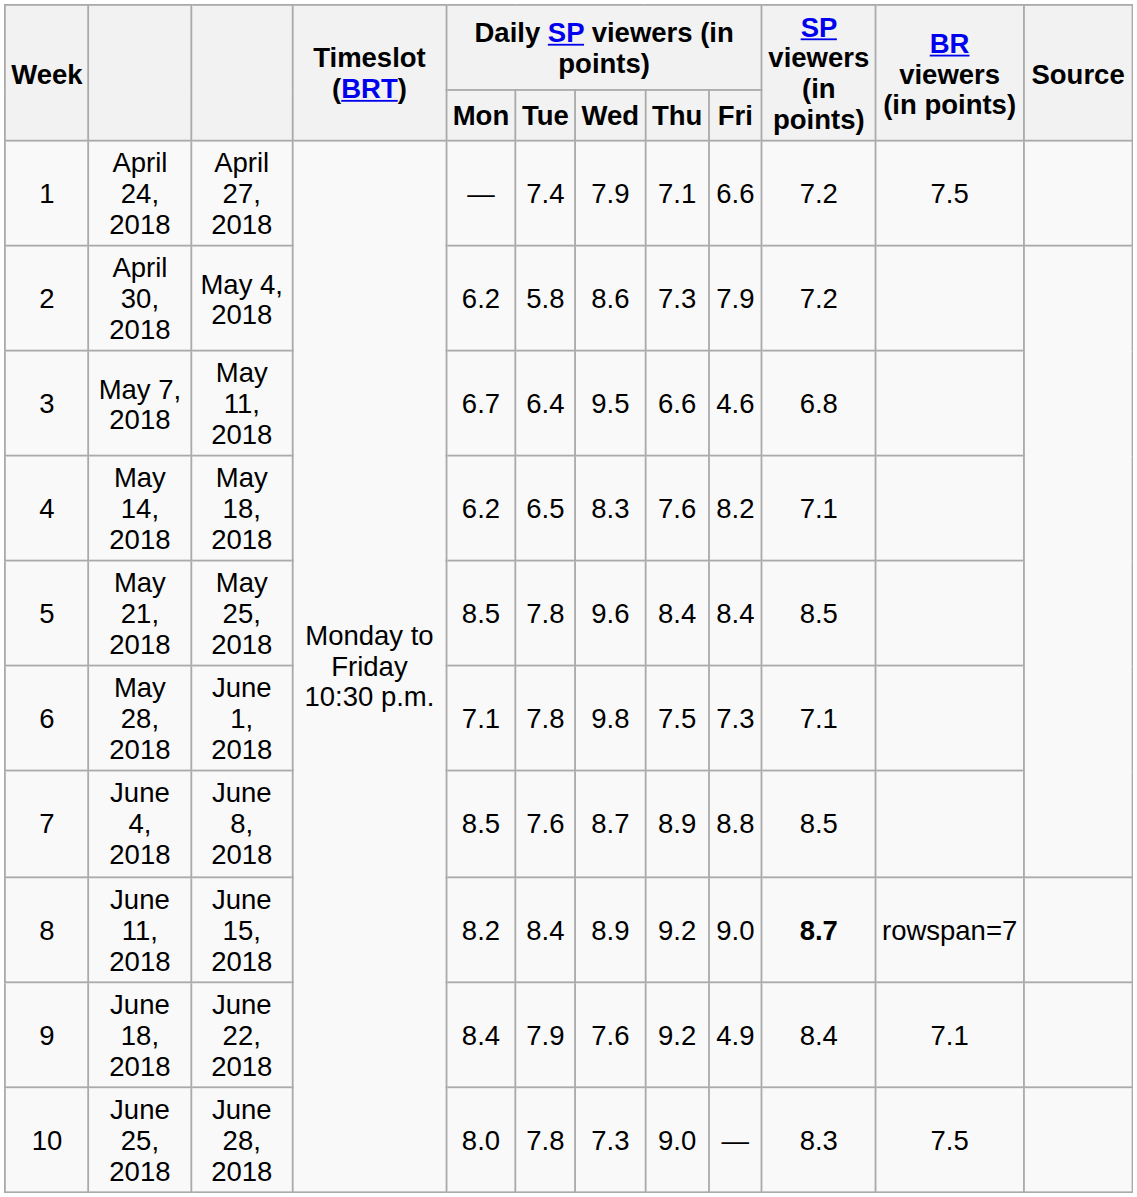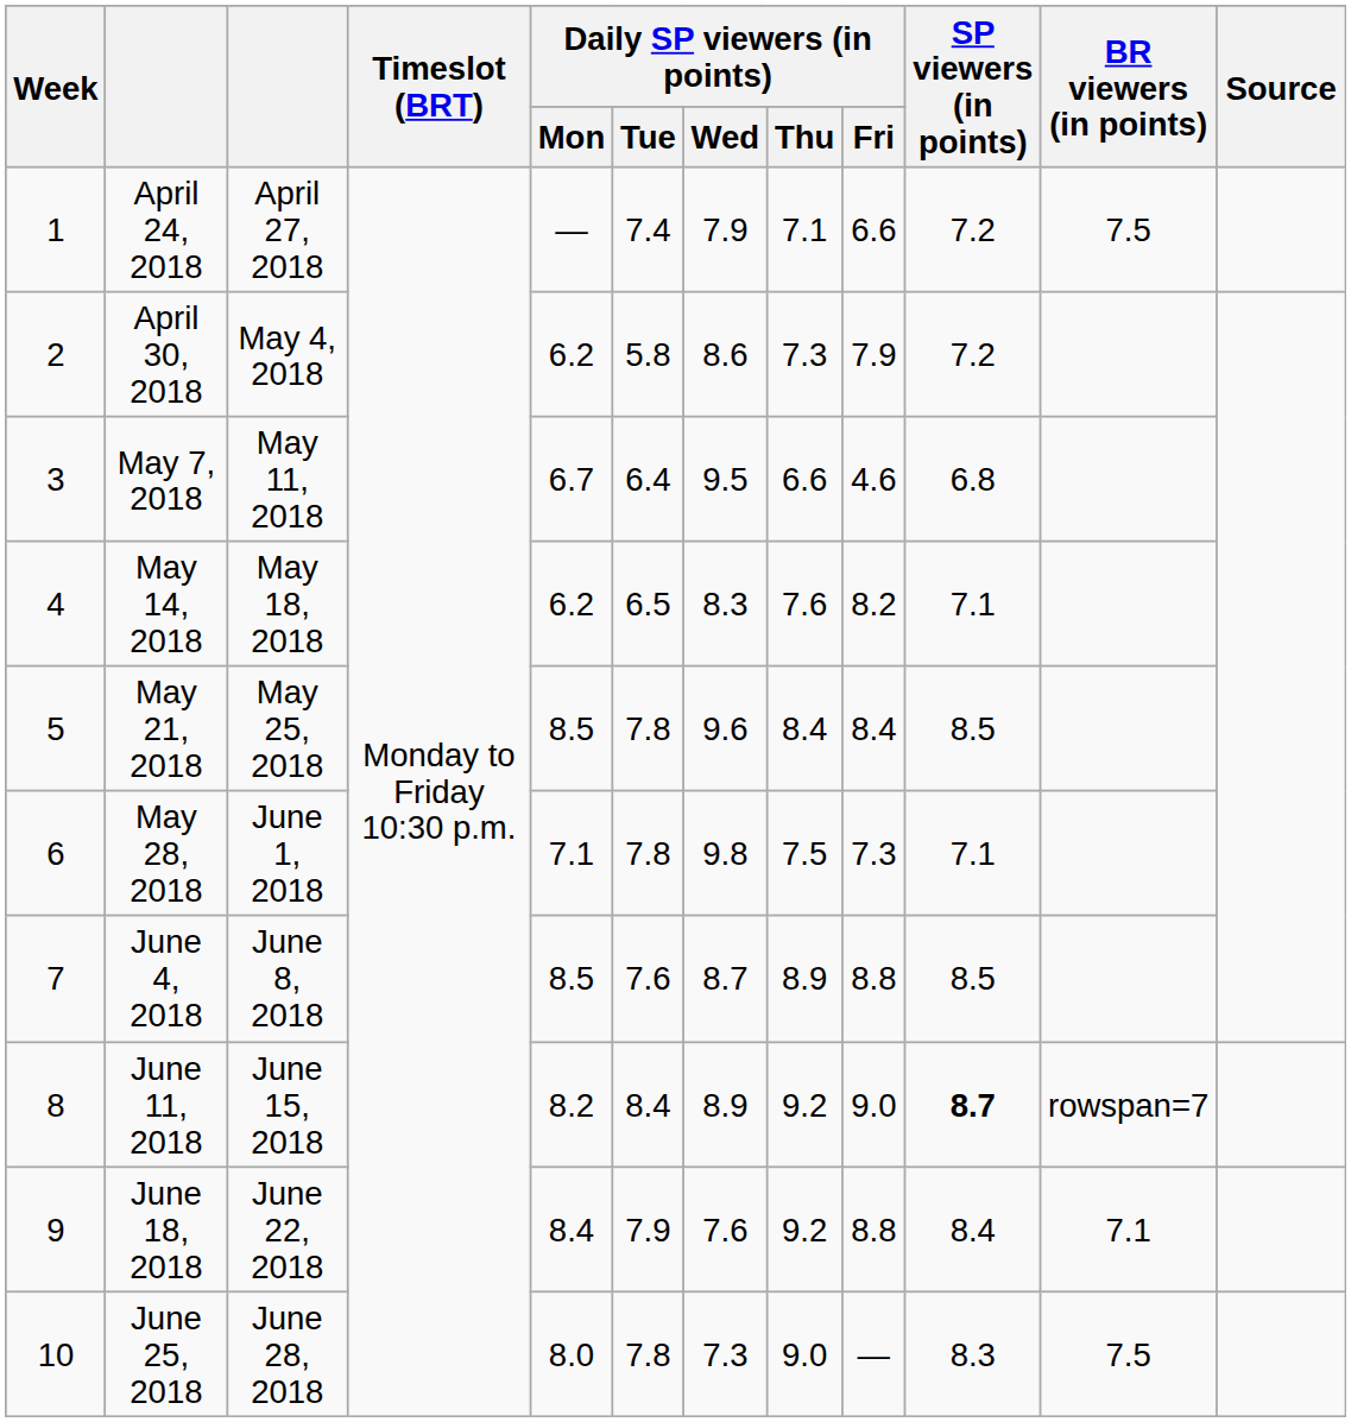 <table class="wikitable sortable" style="text-align:center; font-size:95%; width: 100%">
 <tr>
 <th rowspan=2 style="width:05.0%;">Week</th>
 <th rowspan=2 style="width:12.5%;"></th>
 <th rowspan=2 style="width:12.5%;"></th>
 <th rowspan=2 style="width:15.0%;">Timeslot (<a href='#'>BRT</a>)</th>
 <th colspan=5 style="width:25.0%;">Daily <a href='#'>SP</a> viewers (in points)</th>
 <th rowspan=2 style="width:10.0%;"><a href='#'>SP</a> viewers<br>(in points)</th>
 <th rowspan=2 style="width:10.0%;"><a href='#'>BR</a> viewers<br>(in points)</th>
 <th rowspan=2 style="width:10.0%;">Source</th>
 </tr>
 <tr>
 <th style="width:05.0%;">Mon</th>
 <th style="width:05.0%;">Tue</th>
 <th style="width:05.0%;">Wed</th>
 <th style="width:05.0%;">Thu</th>
 <th style="width:05.0%;">Fri</th>
 </tr>
 <tr>
 <td>1</td>
 <td>April 24, 2018</td>
 <td>April 27, 2018</td>
 <td rowspan=10>Monday to Friday<br>10:30 p.m.</td>
 <td>—</td>
 <td>7.4</td>
 <td>7.9</td>
 <td>7.1</td>
 <td>6.6</td>
 <td>7.2</td>
 <td>7.5</td>
 <td></td>
 </tr>
 <tr>
 <td>2</td>
 <td>April 30, 2018</td>
 <td>May 4, 2018</td>
 <td>6.2</td>
 <td>5.8</td>
 <td>8.6</td>
 <td>7.3</td>
 <td>7.9</td>
 <td>7.2</td>
 <td></td>
 </tr>
 <tr>
 <td>3</td>
 <td>May 7, 2018</td>
 <td>May 11, 2018</td>
 <td>6.7</td>
 <td>6.4</td>
 <td>9.5</td>
 <td>6.6</td>
 <td>4.6</td>
 <td>6.8</td>
 <td></td>
 </tr>
 <tr>
 <td>4</td>
 <td>May 14, 2018</td>
 <td>May 18, 2018</td>
 <td>6.2</td>
 <td>6.5</td>
 <td>8.3</td>
 <td>7.6</td>
 <td>8.2</td>
 <td>7.1</td>
 <td></td>
 </tr>
 <tr>
 <td>5</td>
 <td>May 21, 2018</td>
 <td>May 25, 2018</td>
 <td>8.5</td>
 <td>7.8</td>
 <td>9.6</td>
 <td>8.4</td>
 <td>8.4</td>
 <td>8.5</td>
 <td></td>
 </tr>
 <tr>
 <td>6</td>
 <td>May 28, 2018</td>
 <td>June 1, 2018</td>
 <td>7.1</td>
 <td>7.8</td>
 <td>9.8</td>
 <td>7.5</td>
 <td>7.3</td>
 <td>7.1</td>
 <td></td>
 </tr>
 <tr>
 <td>7</td>
 <td>June 4, 2018</td>
 <td>June 8, 2018</td>
 <td>8.5</td>
 <td>7.6</td>
 <td>8.7</td>
 <td>8.9</td>
 <td>8.8</td>
 <td>8.5</td>
 <td></td>
 </tr>
 <tr>
 <td>8</td>
 <td>June 11, 2018</td>
 <td>June 15, 2018</td>
 <td>8.2</td>
 <td>8.4</td>
 <td>8.9</td>
 <td>9.2</td>
 <td>9.0</td>
 <td><strong>8.7</strong></td>
 <td>rowspan=7 </td>
 <td></td>
 </tr>
 <tr>
 <td>9</td>
 <td>June 18, 2018</td>
 <td>June 22, 2018</td>
 <td>8.4</td>
 <td>7.9</td>
 <td>7.6</td>
 <td>9.2</td>
-<td>4.9</td>
+<td>8.8</td>
 <td>8.4</td>
 <td>7.1</td>
 <td></td>
 </tr>
 <tr>
 <td>10</td>
 <td>June 25, 2018</td>
 <td>June 28, 2018</td>
 <td>8.0</td>
 <td>7.8</td>
 <td>7.3</td>
 <td>9.0</td>
 <td>—</td>
 <td>8.3</td>
 <td>7.5</td>
 <td></td>
 </tr>
 </table>
